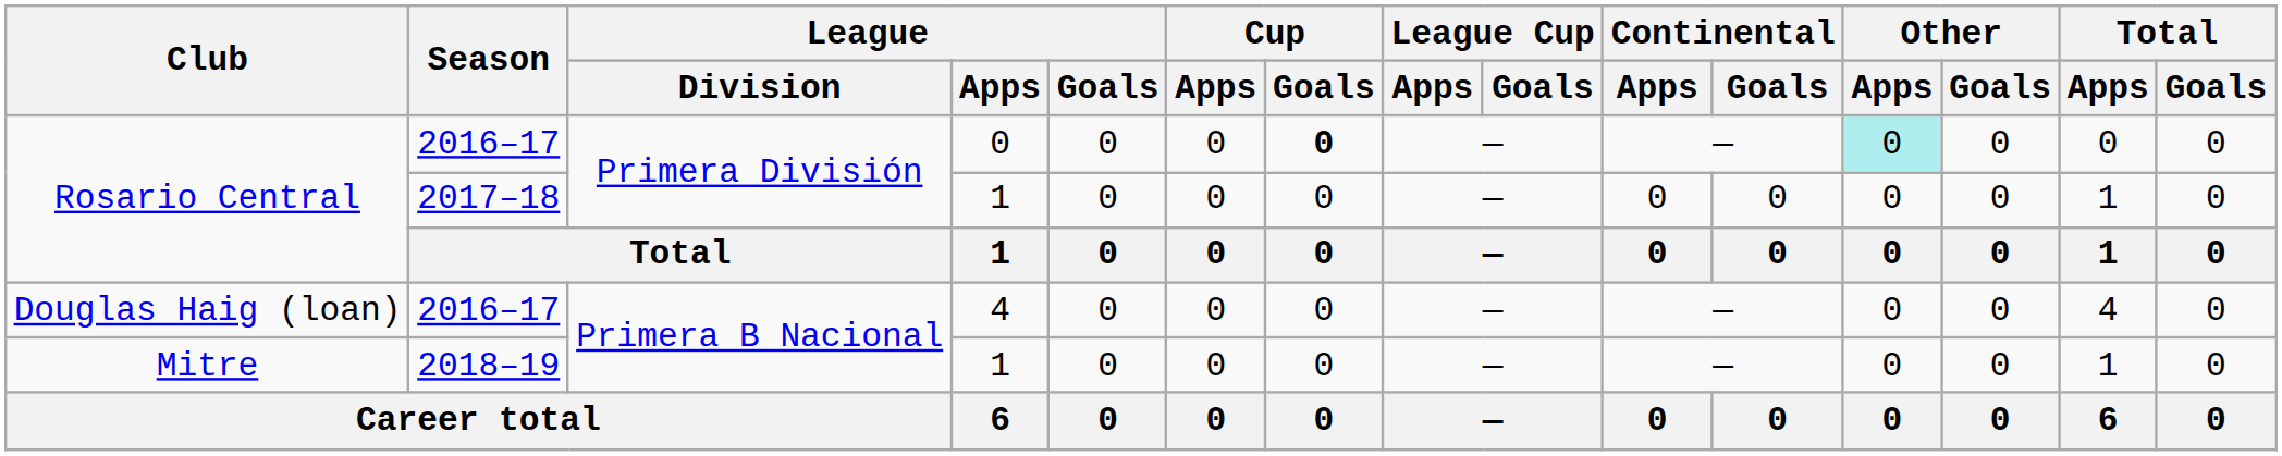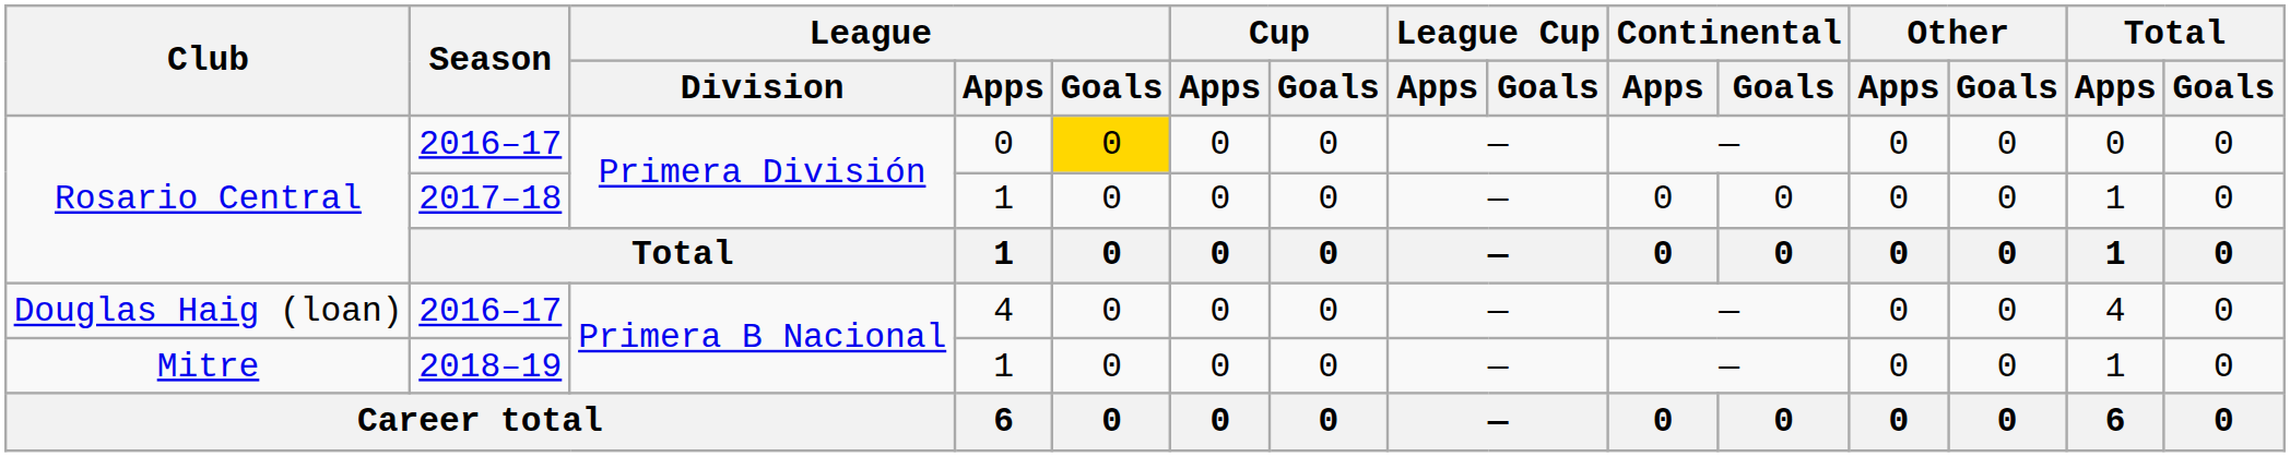 <table class="wikitable" style="text-align:center">
 <tr>
 <th rowspan="2">Club</th>
 <th rowspan="2">Season</th>
 <th colspan="3">League</th>
 <th colspan="2">Cup</th>
 <th colspan="2">League Cup</th>
 <th colspan="2">Continental</th>
 <th colspan="2">Other</th>
 <th colspan="2">Total</th>
 </tr>
 <tr>
 <th>Division</th>
 <th>Apps</th>
 <th>Goals</th>
 <th>Apps</th>
 <th>Goals</th>
 <th>Apps</th>
 <th>Goals</th>
 <th>Apps</th>
 <th>Goals</th>
 <th>Apps</th>
 <th>Goals</th>
 <th>Apps</th>
 <th>Goals</th>
 </tr>
 <tr>
 <td rowspan="3"><a href='#'>Rosario Central</a></td>
 <td><a href='#'>2016–17</a></td>
 <td rowspan="2"><a href='#'>Primera División</a></td>
 <td>0</td>
+<td style="background: gold;">0</td>
 <td>0</td>
 <td>0</td>
-<td><strong>0</strong></td>
 <td colspan="2">—</td>
 <td colspan="2">—</td>
-<td style="background: paleturquoise;">0</td>
+<td>0</td>
 <td>0</td>
 <td>0</td>
 <td>0</td>
 </tr>
 <tr>
 <td><a href='#'>2017–18</a></td>
 <td>1</td>
 <td>0</td>
 <td>0</td>
 <td>0</td>
 <td colspan="2">—</td>
 <td>0</td>
 <td>0</td>
 <td>0</td>
 <td>0</td>
 <td>1</td>
 <td>0</td>
 </tr>
 <tr>
 <th colspan="2">Total</th>
 <th>1</th>
 <th>0</th>
 <th>0</th>
 <th>0</th>
 <th colspan="2">—</th>
 <th>0</th>
 <th>0</th>
 <th>0</th>
 <th>0</th>
 <th>1</th>
 <th>0</th>
 </tr>
 <tr>
 <td rowspan="1"><a href='#'>Douglas Haig</a> (loan)</td>
 <td><a href='#'>2016–17</a></td>
 <td rowspan="2"><a href='#'>Primera B Nacional</a></td>
 <td>4</td>
 <td>0</td>
 <td>0</td>
 <td>0</td>
 <td colspan="2">—</td>
 <td colspan="2">—</td>
 <td>0</td>
 <td>0</td>
 <td>4</td>
 <td>0</td>
 </tr>
 <tr>
 <td rowspan="1"><a href='#'>Mitre</a></td>
 <td><a href='#'>2018–19</a></td>
 <td>1</td>
 <td>0</td>
 <td>0</td>
 <td>0</td>
 <td colspan="2">—</td>
 <td colspan="2">—</td>
 <td>0</td>
 <td>0</td>
 <td>1</td>
 <td>0</td>
 </tr>
 <tr>
 <th colspan="3">Career total</th>
 <th>6</th>
 <th>0</th>
 <th>0</th>
 <th>0</th>
 <th colspan="2">—</th>
 <th>0</th>
 <th>0</th>
 <th>0</th>
 <th>0</th>
 <th>6</th>
 <th>0</th>
 </tr>
 </table>
